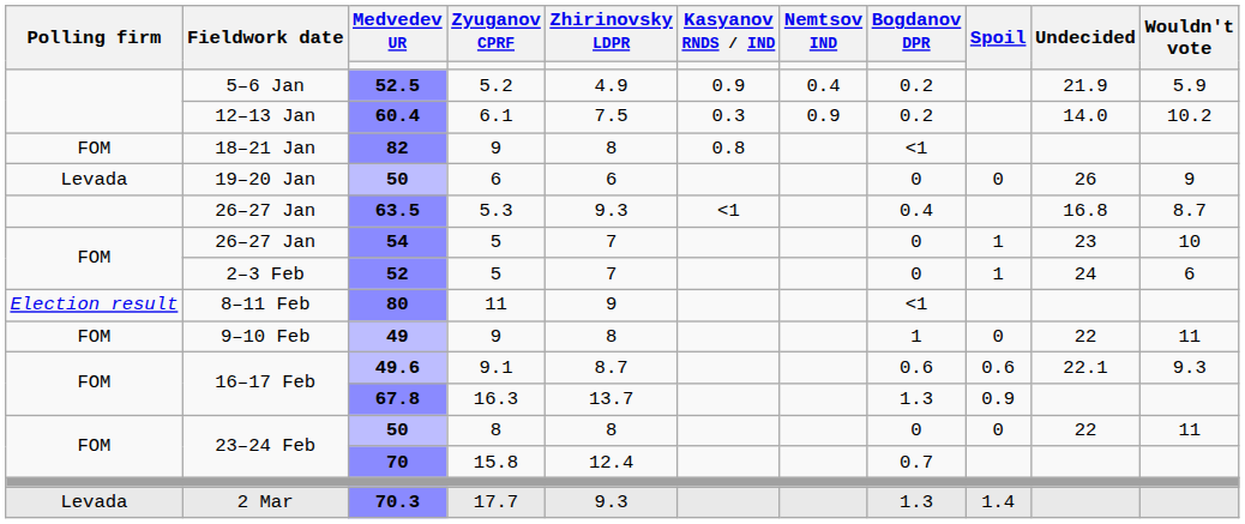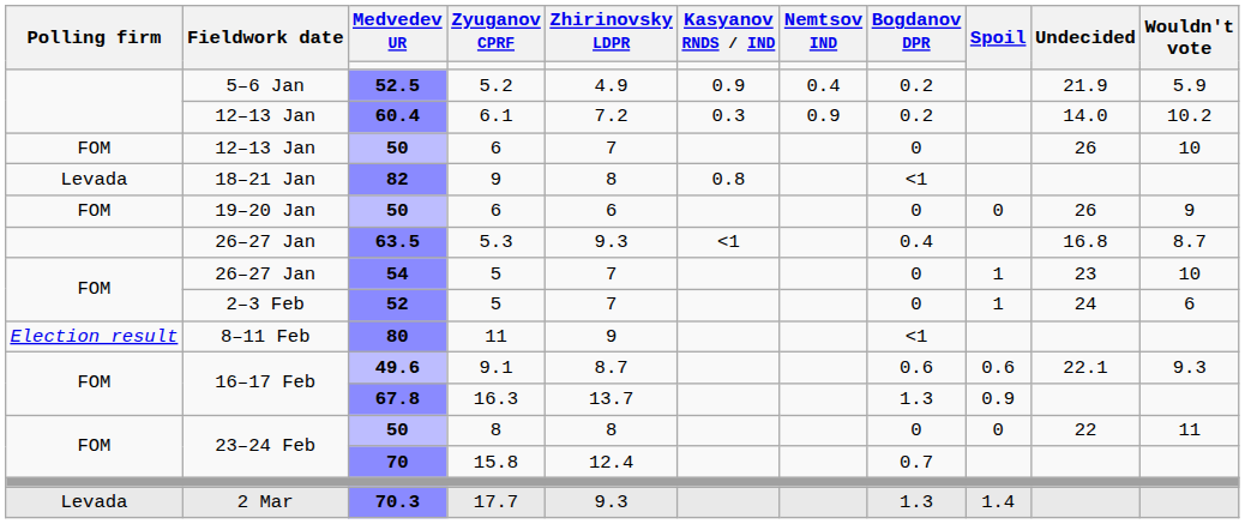 <table class="wikitable" style="text-align:center; font-size:90%; line-height:14px">
 <tr>
 <th rowspan=2>Polling firm</th>
 <th rowspan=2>Fieldwork date</th>
 <th><a href='#'>Medvedev</a><br><small><a href='#'>UR</a></small></th>
 <th><a href='#'>Zyuganov</a><br><small><a href='#'>CPRF</a></small></th>
 <th><a href='#'>Zhirinovsky</a><br><small><a href='#'>LDPR</a></small></th>
 <th><a href='#'>Kasyanov</a><br><small><a href='#'>RNDS</a> / <a href='#'>IND</a></small></th>
 <th><a href='#'>Nemtsov</a><br><small><a href='#'>IND</a></small></th>
 <th><a href='#'>Bogdanov</a><br><small><a href='#'>DPR</a></small></th>
 <th rowspan=2><a href='#'>Spoil</a></th>
 <th rowspan=2>Undecided</th>
 <th rowspan=2>Wouldn't<br>vote</th>
 </tr>
 <tr>
 <td></td>
 <td></td>
 <td></td>
 <td></td>
 <td></td>
 <td></td>
 </tr>
 <tr>
 <td rowspan=2></td>
 <td>5–6 Jan</td>
 <th style="background:#8A8AFF">52.5</th>
 <td>5.2</td>
 <td>4.9</td>
 <td>0.9</td>
 <td>0.4</td>
 <td>0.2</td>
 <td></td>
 <td>21.9</td>
 <td>5.9</td>
 </tr>
 <tr>
 <td>12–13 Jan</td>
 <th style="background:#8A8AFF">60.4</th>
 <td>6.1</td>
-<td>7.5</td>
+<td>7.2</td>
 <td>0.3</td>
 <td>0.9</td>
 <td>0.2</td>
 <td></td>
 <td>14.0</td>
 <td>10.2</td>
 </tr>
 <tr>
 <td>FOM</td>
+<td>12–13 Jan</td>
+<th style="background:#BDBDFF">50</th>
+<td>6</td>
+<td>7</td>
+<td></td>
+<td></td>
+<td>0</td>
+<td></td>
+<td>26</td>
+<td>10</td>
+</tr>
+<tr>
+<td>Levada</td>
 <td>18–21 Jan</td>
 <th style="background:#8A8AFF">82</th>
 <td>9</td>
 <td>8</td>
 <td>0.8</td>
 <td></td>
 <td><1</td>
 <td></td>
 <td></td>
 <td></td>
 </tr>
 <tr>
-<td>Levada</td>
+<td>FOM</td>
 <td>19–20 Jan</td>
 <th style="background:#BDBDFF">50</th>
 <td>6</td>
 <td>6</td>
 <td></td>
 <td></td>
 <td>0</td>
 <td>0</td>
 <td>26</td>
 <td>9</td>
 </tr>
 <tr>
 <td></td>
 <td>26–27 Jan</td>
 <th style="background:#8A8AFF">63.5</th>
 <td>5.3</td>
 <td>9.3</td>
 <td><1</td>
 <td></td>
 <td>0.4</td>
 <td></td>
 <td>16.8</td>
 <td>8.7</td>
 </tr>
 <tr>
 <td rowspan="2">FOM</td>
 <td>26–27 Jan</td>
 <th style="background:#8A8AFF">54</th>
 <td>5</td>
 <td>7</td>
 <td></td>
 <td></td>
 <td>0</td>
 <td>1</td>
 <td>23</td>
 <td>10</td>
 </tr>
 <tr>
 <td>2–3 Feb</td>
 <th style="background:#8A8AFF">52</th>
 <td>5</td>
 <td>7</td>
 <td></td>
 <td></td>
 <td>0</td>
 <td>1</td>
 <td>24</td>
 <td>6</td>
 </tr>
 <tr>
 <td><em><a href='#'>Election result</a></em></td>
 <td>8–11 Feb</td>
 <th style="background:#8A8AFF">80</th>
 <td>11</td>
 <td>9</td>
 <td></td>
 <td></td>
 <td><1</td>
 <td></td>
 <td></td>
 <td></td>
-</tr>
-<tr>
-<td>FOM</td>
-<td>9–10 Feb</td>
-<th style="background:#BDBDFF">49</th>
-<td>9</td>
-<td>8</td>
-<td></td>
-<td></td>
-<td>1</td>
-<td>0</td>
-<td>22</td>
-<td>11</td>
 </tr>
 <tr>
 <td rowspan="2">FOM</td>
 <td rowspan="2">16–17 Feb</td>
 <th style="background:#BDBDFF">49.6</th>
 <td>9.1</td>
 <td>8.7</td>
 <td></td>
 <td></td>
 <td>0.6</td>
 <td>0.6</td>
 <td>22.1</td>
 <td>9.3</td>
 </tr>
 <tr>
 <th style="background:#8A8AFF">67.8</th>
 <td>16.3</td>
 <td>13.7</td>
 <td></td>
 <td></td>
 <td>1.3</td>
 <td>0.9</td>
 <td></td>
 <td></td>
 </tr>
 <tr>
 <td rowspan=2>FOM</td>
 <td rowspan=2>23–24 Feb</td>
 <th style="background:#BDBDFF">50</th>
 <td>8</td>
 <td>8</td>
 <td></td>
 <td></td>
 <td>0</td>
 <td>0</td>
 <td>22</td>
 <td>11</td>
 </tr>
 <tr>
 <th style="background:#8A8AFF">70</th>
 <td>15.8</td>
 <td>12.4</td>
 <td></td>
 <td></td>
 <td>0.7</td>
 <td></td>
 <td></td>
 <td></td>
 </tr>
 <tr>
 <td colspan="11" style="background:#A0A0A0"></td>
 </tr>
 <tr style="background-color:#E9E9E9">
 <td>Levada</td>
 <td>2 Mar</td>
 <th style="background:#8A8AFF">70.3</th>
 <td>17.7</td>
 <td>9.3</td>
 <td></td>
 <td></td>
 <td>1.3</td>
 <td>1.4</td>
 <td></td>
 <td></td>
 </tr>
 </table>
